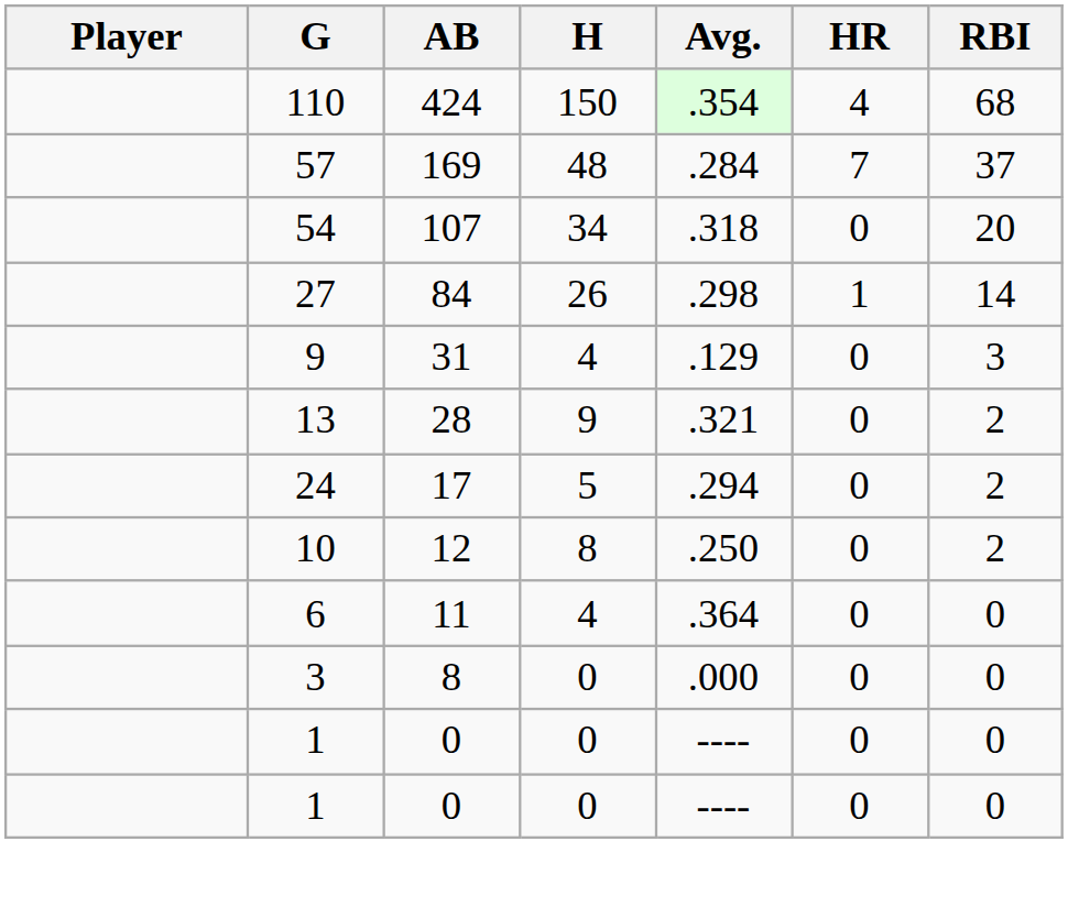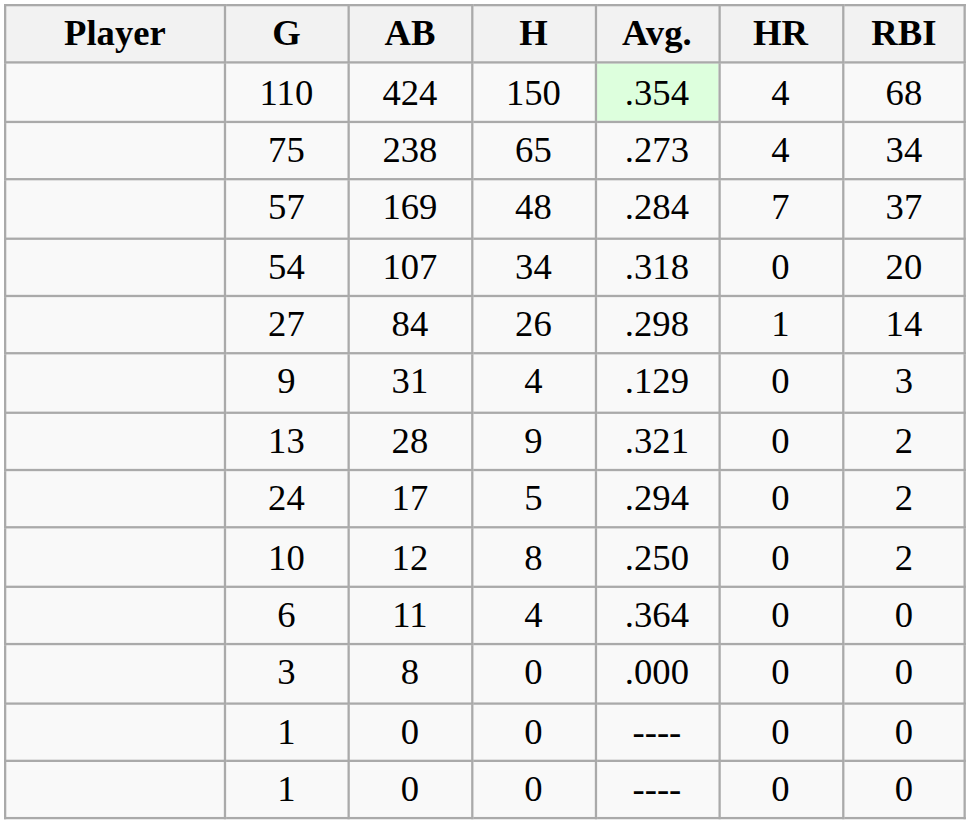 <table class="wikitable sortable">
 <tr>
 <th bgcolor="#DDDDFF" width="16%">Player</th>
 <th bgcolor="#DDDDFF" width="9%">G</th>
 <th bgcolor="#DDDDFF" width="9%">AB</th>
 <th bgcolor="#DDDDFF" width="9%">H</th>
 <th bgcolor="#DDDDFF" width="9%">Avg.</th>
 <th bgcolor="#DDDDFF" width="9%">HR</th>
 <th bgcolor="#DDDDFF" width="9%">RBI</th>
 </tr>
 <tr align="center">
 <td></td>
 <td>110</td>
 <td>424</td>
 <td>150</td>
 <td style="background:#DDFFDD;">.354</td>
 <td>4</td>
 <td>68</td>
+</tr>
+<tr align="center">
+<td></td>
+<td>75</td>
+<td>238</td>
+<td>65</td>
+<td>.273</td>
+<td>4</td>
+<td>34</td>
 </tr>
 <tr align="center">
 <td></td>
 <td>57</td>
 <td>169</td>
 <td>48</td>
 <td>.284</td>
 <td>7</td>
 <td>37</td>
 </tr>
 <tr align="center">
 <td></td>
 <td>54</td>
 <td>107</td>
 <td>34</td>
 <td>.318</td>
 <td>0</td>
 <td>20</td>
 </tr>
 <tr align="center">
 <td></td>
 <td>27</td>
 <td>84</td>
 <td>26</td>
 <td>.298</td>
 <td>1</td>
 <td>14</td>
 </tr>
 <tr align="center">
 <td></td>
 <td>9</td>
 <td>31</td>
 <td>4</td>
 <td>.129</td>
 <td>0</td>
 <td>3</td>
 </tr>
 <tr align="center">
 <td></td>
 <td>13</td>
 <td>28</td>
 <td>9</td>
 <td>.321</td>
 <td>0</td>
 <td>2</td>
 </tr>
 <tr align="center">
 <td></td>
 <td>24</td>
 <td>17</td>
 <td>5</td>
 <td>.294</td>
 <td>0</td>
 <td>2</td>
 </tr>
 <tr align="center">
 <td></td>
 <td>10</td>
 <td>12</td>
 <td>8</td>
 <td>.250</td>
 <td>0</td>
 <td>2</td>
 </tr>
 <tr align="center">
 <td></td>
 <td>6</td>
 <td>11</td>
 <td>4</td>
 <td>.364</td>
 <td>0</td>
 <td>0</td>
 </tr>
 <tr align="center">
 <td></td>
 <td>3</td>
 <td>8</td>
 <td>0</td>
 <td>.000</td>
 <td>0</td>
 <td>0</td>
 </tr>
 <tr align="center">
 <td></td>
 <td>1</td>
 <td>0</td>
 <td>0</td>
 <td>----</td>
 <td>0</td>
 <td>0</td>
 </tr>
 <tr align="center">
 <td></td>
 <td>1</td>
 <td>0</td>
 <td>0</td>
 <td>----</td>
 <td>0</td>
 <td>0</td>
 </tr>
 </table>
